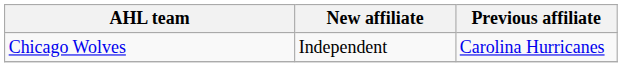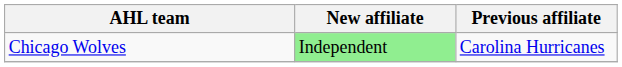 <table class="wikitable">
 <tr>
 <th bgcolor="#DDDDFF" width="45%">AHL team</th>
 <th bgcolor="#DDDDFF" width="25%">New affiliate</th>
 <th bgcolor="#DDDDFF" width="25%">Previous affiliate</th>
 </tr>
 <tr>
 <td><a href='#'>Chicago Wolves</a></td>
-<td>Independent</td>
+<td style="background: lightgreen;">Independent</td>
 <td><a href='#'>Carolina Hurricanes</a></td>
 </tr>
 <tr>
 </tr>
 </table>
